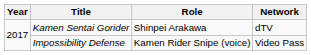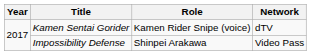 <table class="wikitable">
 <tr>
 <th>Year</th>
 <th>Title</th>
 <th>Role</th>
 <th>Network</th>
 </tr>
 <tr>
 <td rowspan="2">2017</td>
 <td><em>Kamen Sentai Gorider</em></td>
-<td>Shinpei Arakawa</td>
+<td>Kamen Rider Snipe (voice)</td>
 <td>dTV</td>
 </tr>
 <tr>
 <td><em>Impossibility Defense</em></td>
-<td>Kamen Rider Snipe (voice)</td>
+<td>Shinpei Arakawa</td>
 <td>Video Pass</td>
 </tr>
 </table>
